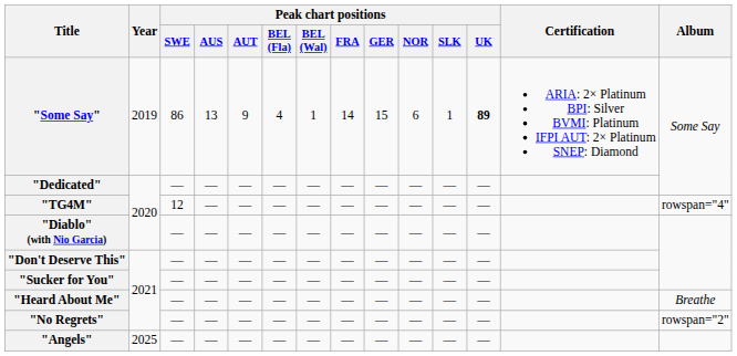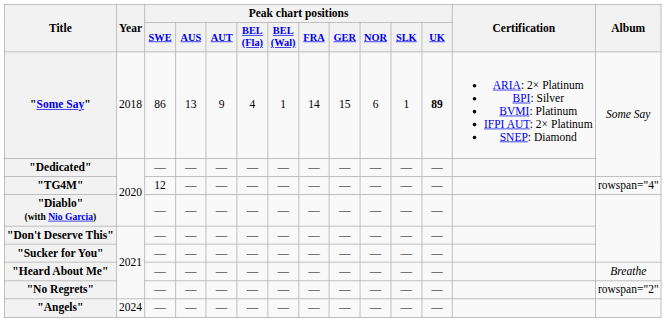 <table class="wikitable plainrowheaders" style="text-align:center;">
 <tr>
 <th scope="col" rowspan="2">Title</th>
 <th scope="col" rowspan="2">Year</th>
 <th scope="col" colspan="10">Peak chart positions</th>
 <th scope="col" rowspan="2">Certification</th>
 <th scope="col" rowspan="2">Album</th>
 </tr>
 <tr>
 <th scope="col" style="width:2.5em;font-size:90%;"><a href='#'>SWE</a><br></th>
 <th scope="col" style="width:2.5em;font-size:90%;"><a href='#'>AUS</a><br></th>
 <th scope="col" style="width:2.5em;font-size:90%;"><a href='#'>AUT</a><br></th>
 <th scope="col" style="width:2.5em;font-size:90%;"><a href='#'>BEL<br>(Fla)</a><br></th>
 <th scope="col" style="width:2.5em;font-size:90%;"><a href='#'>BEL<br>(Wal)</a><br></th>
 <th scope="col" style="width:2.5em;font-size:90%;"><a href='#'>FRA</a><br></th>
 <th scope="col" style="width:2.5em;font-size:90%;"><a href='#'>GER</a><br></th>
 <th scope="col" style="width:2.5em;font-size:90%;"><a href='#'>NOR</a><br></th>
 <th scope="col" style="width:2.5em;font-size:90%;"><a href='#'>SLK</a><br></th>
 <th scope="col" style="width:2.5em;font-size:90%;"><a href='#'>UK</a><br></th>
 </tr>
 <tr>
 <th scope="row">"<a href='#'>Some Say</a>"</th>
-<td>2019</td>
+<td>2018</td>
 <td>86</td>
 <td>13</td>
 <td>9</td>
 <td>4</td>
 <td>1</td>
 <td>14</td>
 <td>15</td>
 <td>6</td>
 <td>1</td>
 <td><strong>89</strong></td>
 <td><br><ul><li><a href='#'>ARIA</a>: 2× Platinum</li><li><a href='#'>BPI</a>: Silver</li><li><a href='#'>BVMI</a>: Platinum</li><li><a href='#'>IFPI AUT</a>: 2× Platinum</li><li><a href='#'>SNEP</a>: Diamond</li></ul></td>
 <td rowspan="2"><em>Some Say</em></td>
 </tr>
 <tr>
 <th scope="row">"Dedicated"</th>
 <td rowspan="3">2020</td>
 <td>—</td>
 <td>—</td>
 <td>—</td>
 <td>—</td>
 <td>—</td>
 <td>—</td>
 <td>—</td>
 <td>—</td>
 <td>—</td>
 <td>—</td>
 <td></td>
 </tr>
 <tr>
 <th scope="row">"TG4M"</th>
 <td>12</td>
 <td>—</td>
 <td>—</td>
 <td>—</td>
 <td>—</td>
 <td>—</td>
 <td>—</td>
 <td>—</td>
 <td>—</td>
 <td>—</td>
 <td></td>
 <td>rowspan="4" </td>
 </tr>
 <tr>
 <th scope="row">"Diablo"<br><small>(with <a href='#'>Nio Garcia</a>)</small></th>
 <td>—</td>
 <td>—</td>
 <td>—</td>
 <td>—</td>
 <td>—</td>
 <td>—</td>
 <td>—</td>
 <td>—</td>
 <td>—</td>
 <td>—</td>
 <td></td>
 </tr>
 <tr>
 <th scope="row">"Don't Deserve This"<br></th>
 <td rowspan="4">2021</td>
 <td>—</td>
 <td>—</td>
 <td>—</td>
 <td>—</td>
 <td>—</td>
 <td>—</td>
 <td>—</td>
 <td>—</td>
 <td>—</td>
 <td>—</td>
 <td></td>
 </tr>
 <tr>
 <th scope="row">"Sucker for You"</th>
 <td>—</td>
 <td>—</td>
 <td>—</td>
 <td>—</td>
 <td>—</td>
 <td>—</td>
 <td>—</td>
 <td>—</td>
 <td>—</td>
 <td>—</td>
 <td></td>
 </tr>
 <tr>
 <th scope="row">"Heard About Me"<br></th>
 <td>—</td>
 <td>—</td>
 <td>—</td>
 <td>—</td>
 <td>—</td>
 <td>—</td>
 <td>—</td>
 <td>—</td>
 <td>—</td>
 <td>—</td>
 <td></td>
 <td><em>Breathe</em></td>
 </tr>
 <tr>
 <th scope="row">"No Regrets"<br></th>
 <td>—</td>
 <td>—</td>
 <td>—</td>
 <td>—</td>
 <td>—</td>
 <td>—</td>
 <td>—</td>
 <td>—</td>
 <td>—</td>
 <td>—</td>
 <td></td>
 <td>rowspan="2" </td>
 </tr>
 <tr>
 <th scope="row">"Angels"</th>
-<td>2025</td>
+<td>2024</td>
 <td>—</td>
 <td>—</td>
 <td>—</td>
 <td>—</td>
 <td>—</td>
 <td>—</td>
 <td>—</td>
 <td>—</td>
 <td>—</td>
 <td>—</td>
 <td></td>
 </tr>
 </table>
